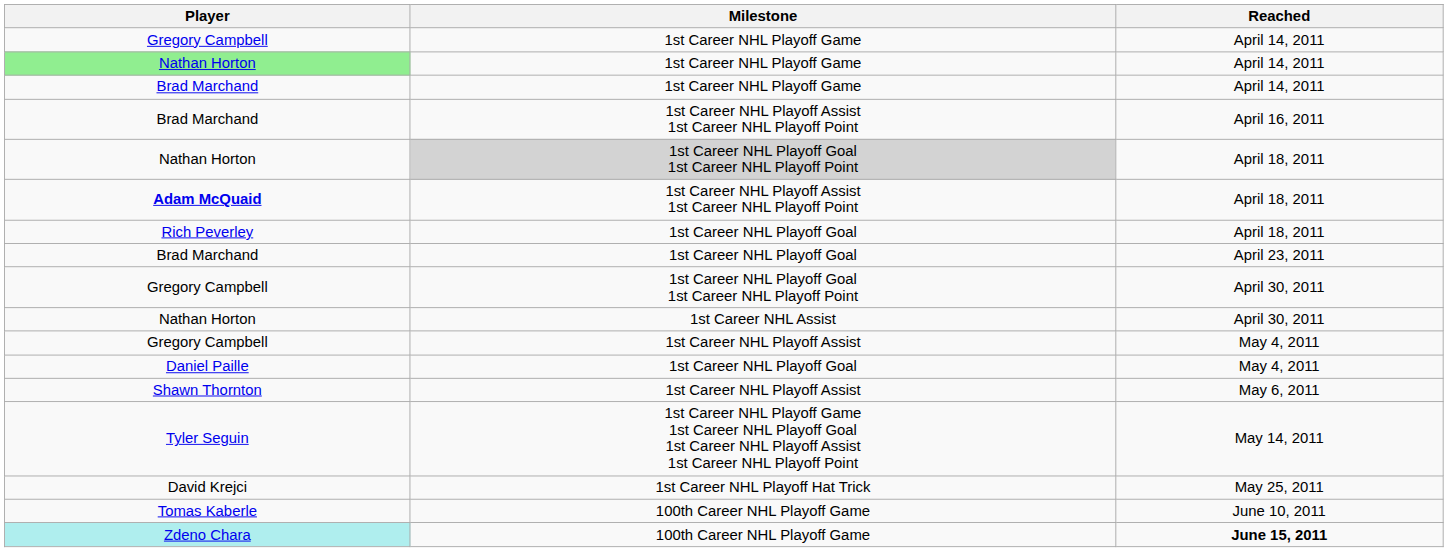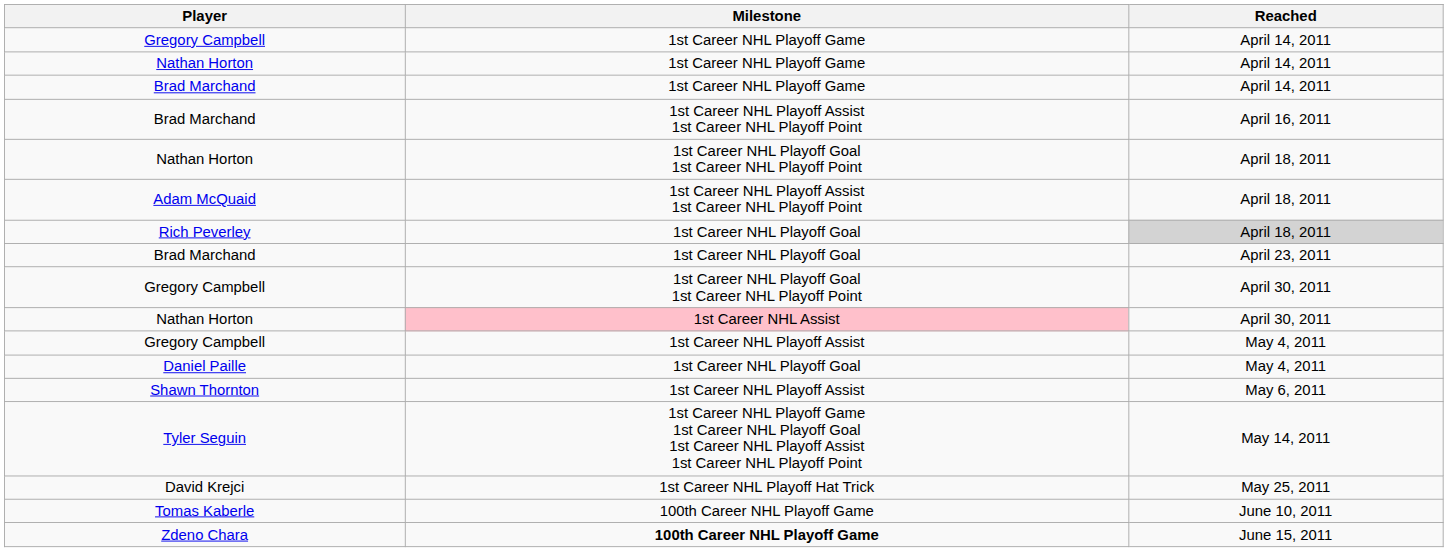 <table class="wikitable" width="78%" style="text-align:center">
 <tr>
 <th>Player</th>
 <th>Milestone</th>
 <th>Reached</th>
 </tr>
 <tr>
 <td><a href='#'>Gregory Campbell</a></td>
 <td>1st Career NHL Playoff Game</td>
 <td>April 14, 2011</td>
 </tr>
 <tr>
-<td style="background: lightgreen;"><a href='#'>Nathan Horton</a></td>
+<td><a href='#'>Nathan Horton</a></td>
 <td>1st Career NHL Playoff Game</td>
 <td>April 14, 2011</td>
 </tr>
 <tr>
 <td><a href='#'>Brad Marchand</a></td>
 <td>1st Career NHL Playoff Game</td>
 <td>April 14, 2011</td>
 </tr>
 <tr>
 <td>Brad Marchand</td>
 <td>1st Career NHL Playoff Assist<br>1st Career NHL Playoff Point</td>
 <td>April 16, 2011</td>
 </tr>
 <tr>
 <td>Nathan Horton</td>
-<td style="background: lightgrey;">1st Career NHL Playoff Goal<br>1st Career NHL Playoff Point</td>
+<td>1st Career NHL Playoff Goal<br>1st Career NHL Playoff Point</td>
 <td>April 18, 2011</td>
 </tr>
 <tr>
-<td><strong><a href='#'>Adam McQuaid</a></strong></td>
+<td><a href='#'>Adam McQuaid</a></td>
 <td>1st Career NHL Playoff Assist<br>1st Career NHL Playoff Point</td>
 <td>April 18, 2011</td>
 </tr>
 <tr>
 <td><a href='#'>Rich Peverley</a></td>
 <td>1st Career NHL Playoff Goal</td>
-<td>April 18, 2011</td>
+<td style="background: lightgrey;">April 18, 2011</td>
 </tr>
 <tr>
 <td>Brad Marchand</td>
 <td>1st Career NHL Playoff Goal</td>
 <td>April 23, 2011</td>
 </tr>
 <tr>
 <td>Gregory Campbell</td>
 <td>1st Career NHL Playoff Goal<br>1st Career NHL Playoff Point</td>
 <td>April 30, 2011</td>
 </tr>
 <tr>
 <td>Nathan Horton</td>
-<td>1st Career NHL Assist</td>
+<td style="background: pink;">1st Career NHL Assist</td>
 <td>April 30, 2011</td>
 </tr>
 <tr>
 <td>Gregory Campbell</td>
 <td>1st Career NHL Playoff Assist</td>
 <td>May 4, 2011</td>
 </tr>
 <tr>
 <td><a href='#'>Daniel Paille</a></td>
 <td>1st Career NHL Playoff Goal</td>
 <td>May 4, 2011</td>
 </tr>
 <tr>
 <td><a href='#'>Shawn Thornton</a></td>
 <td>1st Career NHL Playoff Assist</td>
 <td>May 6, 2011</td>
 </tr>
 <tr>
 <td><a href='#'>Tyler Seguin</a></td>
 <td>1st Career NHL Playoff Game<br>1st Career NHL Playoff Goal<br>1st Career NHL Playoff Assist<br>1st Career NHL Playoff Point</td>
 <td>May 14, 2011</td>
 </tr>
 <tr>
 <td>David Krejci</td>
 <td>1st Career NHL Playoff Hat Trick</td>
 <td>May 25, 2011</td>
 </tr>
 <tr>
 <td><a href='#'>Tomas Kaberle</a></td>
 <td>100th Career NHL Playoff Game</td>
 <td>June 10, 2011</td>
 </tr>
 <tr>
-<td style="background: paleturquoise;"><a href='#'>Zdeno Chara</a></td>
-<td>100th Career NHL Playoff Game</td>
-<td><strong>June 15, 2011</strong></td>
+<td><a href='#'>Zdeno Chara</a></td>
+<td><strong>100th Career NHL Playoff Game</strong></td>
+<td>June 15, 2011</td>
 </tr>
 </table>
